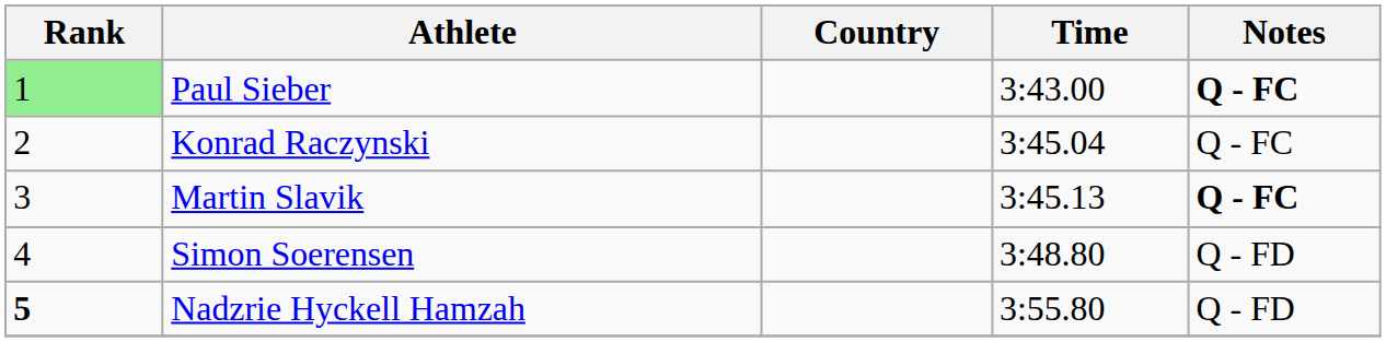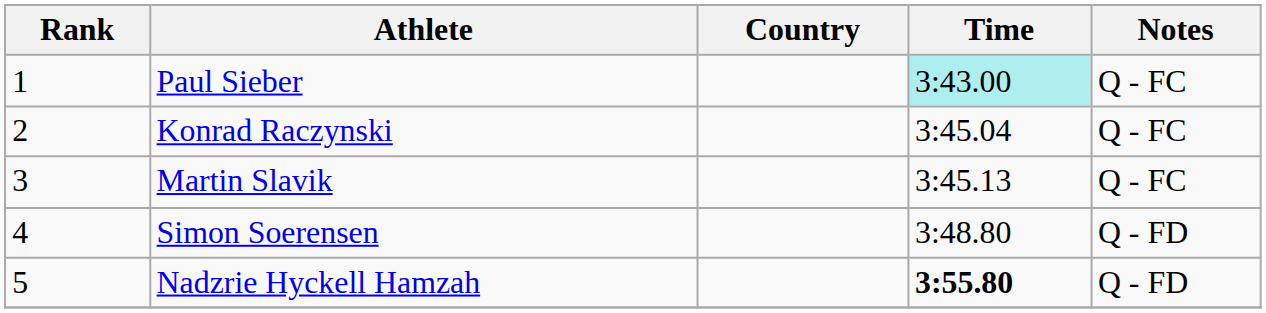 <table class="wikitable" width=50%>
 <tr>
 <th>Rank</th>
 <th>Athlete</th>
 <th>Country</th>
 <th>Time</th>
 <th>Notes</th>
 </tr>
 <tr>
-<td style="background: lightgreen;">1</td>
+<td>1</td>
 <td><a href='#'>Paul Sieber</a></td>
 <td></td>
-<td>3:43.00</td>
-<td><strong>Q - FC</strong></td>
+<td style="background: paleturquoise;">3:43.00</td>
+<td>Q - FC</td>
 </tr>
 <tr>
 <td>2</td>
 <td><a href='#'>Konrad Raczynski</a></td>
 <td></td>
 <td>3:45.04</td>
 <td>Q - FC</td>
 </tr>
 <tr>
 <td>3</td>
 <td><a href='#'>Martin Slavik</a></td>
 <td></td>
 <td>3:45.13</td>
-<td><strong>Q - FC</strong></td>
+<td>Q - FC</td>
 </tr>
 <tr>
 <td>4</td>
 <td><a href='#'>Simon Soerensen</a></td>
 <td></td>
 <td>3:48.80</td>
 <td>Q - FD</td>
 </tr>
 <tr>
-<td><strong>5</strong></td>
+<td>5</td>
 <td><a href='#'>Nadzrie Hyckell Hamzah</a></td>
 <td></td>
-<td>3:55.80</td>
+<td><strong>3:55.80</strong></td>
 <td>Q - FD</td>
 </tr>
 <tr>
 </tr>
 </table>
